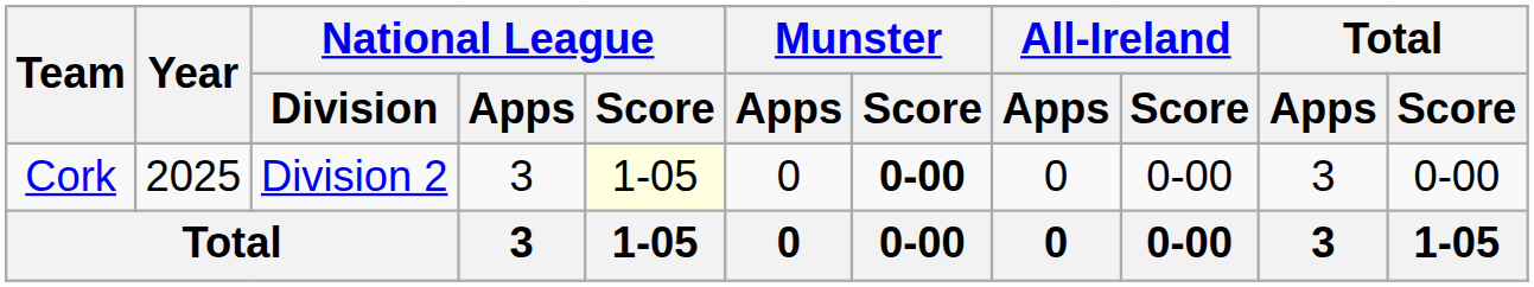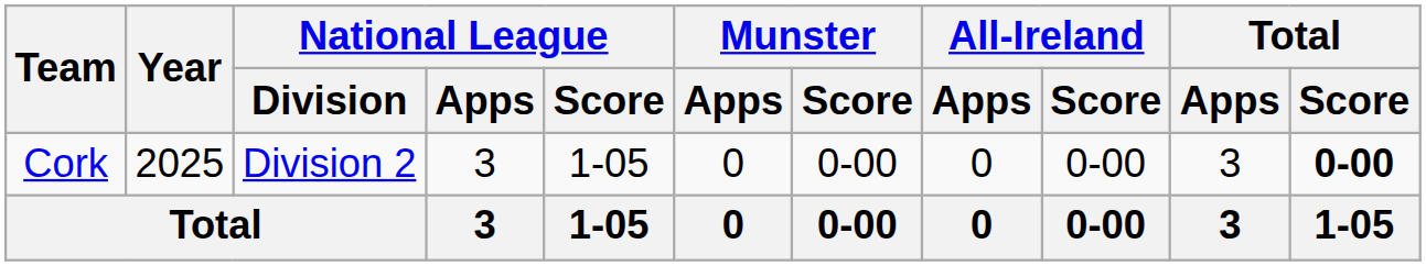 <table class="wikitable" style="text-align:center">
 <tr>
 <th rowspan="2">Team</th>
 <th rowspan="2">Year</th>
 <th colspan="3"><a href='#'>National League</a></th>
 <th colspan="2"><a href='#'>Munster</a></th>
 <th colspan="2"><a href='#'>All-Ireland</a></th>
 <th colspan="2">Total</th>
 </tr>
 <tr>
 <th>Division</th>
 <th>Apps</th>
 <th>Score</th>
 <th>Apps</th>
 <th>Score</th>
 <th>Apps</th>
 <th>Score</th>
 <th>Apps</th>
 <th>Score</th>
 </tr>
 <tr>
 <td rowspan="1"><a href='#'>Cork</a></td>
 <td>2025</td>
 <td rowspan="1"><a href='#'>Division 2</a></td>
 <td>3</td>
-<td style="background: lightyellow;">1-05</td>
+<td>1-05</td>
 <td>0</td>
-<td><strong>0-00</strong></td>
+<td>0-00</td>
 <td>0</td>
 <td>0-00</td>
 <td>3</td>
-<td>0-00</td>
+<td><strong>0-00</strong></td>
 </tr>
 <tr>
 <th colspan="3">Total</th>
 <th>3</th>
 <th>1-05</th>
 <th>0</th>
 <th>0-00</th>
 <th>0</th>
 <th>0-00</th>
 <th>3</th>
 <th>1-05</th>
 </tr>
 </table>
